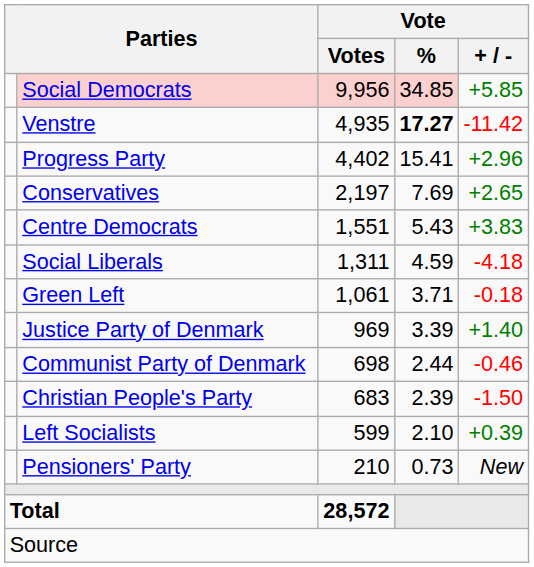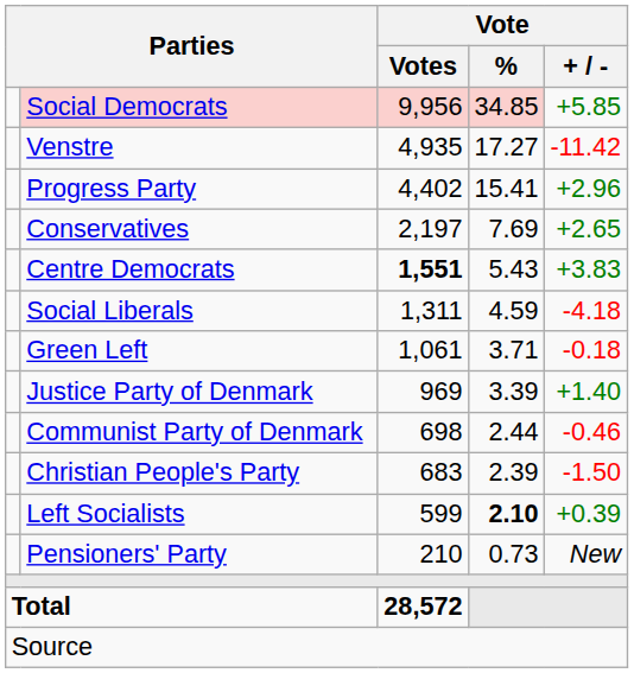 <table class="wikitable" style="text-align:right;">
 <tr>
 <th style="text-align:centre;" rowspan="2" colspan="2" width="225">Parties</th>
 <th colspan="3">Vote</th>
 </tr>
 <tr>
 <th width="15">Votes</th>
 <th width="15">%</th>
 <th width="15">+ / -</th>
 </tr>
 <tr>
 <td width="2" style="color:inherit;background:"></td>
 <td bgcolor=#fbd0ce  align="left"><a href='#'>Social Democrats</a></td>
 <td bgcolor=#fbd0ce>9,956</td>
 <td bgcolor=#fbd0ce>34.85</td>
 <td style=color:green;>+5.85</td>
 </tr>
 <tr>
 <td width="2" style="color:inherit;background:"></td>
 <td align="left"><a href='#'>Venstre</a></td>
 <td>4,935</td>
-<td><strong>17.27</strong></td>
+<td>17.27</td>
 <td style=color:red;>-11.42</td>
 </tr>
 <tr>
 <td width="2" style="color:inherit;background:"></td>
 <td align="left"><a href='#'>Progress Party</a></td>
 <td>4,402</td>
 <td>15.41</td>
 <td style=color:green;>+2.96</td>
 </tr>
 <tr>
 <td width="2" style="color:inherit;background:"></td>
 <td align="left"><a href='#'>Conservatives</a></td>
 <td>2,197</td>
 <td>7.69</td>
 <td style=color:green;>+2.65</td>
 </tr>
 <tr>
 <td width="2" style="color:inherit;background:"></td>
 <td align="left"><a href='#'>Centre Democrats</a></td>
-<td>1,551</td>
+<td><strong>1,551</strong></td>
 <td>5.43</td>
 <td style=color:green;>+3.83</td>
 </tr>
 <tr>
 <td width="2" style="color:inherit;background:"></td>
 <td align="left"><a href='#'>Social Liberals</a></td>
 <td>1,311</td>
 <td>4.59</td>
 <td style=color:red;>-4.18</td>
 </tr>
 <tr>
 <td width="2" style="color:inherit;background:"></td>
 <td align="left"><a href='#'>Green Left</a></td>
 <td>1,061</td>
 <td>3.71</td>
 <td style=color:red;>-0.18</td>
 </tr>
 <tr>
 <td width="2" style="color:inherit;background:"></td>
 <td align="left"><a href='#'>Justice Party of Denmark</a></td>
 <td>969</td>
 <td>3.39</td>
 <td style=color:green;>+1.40</td>
 </tr>
 <tr>
 <td width="2" style="color:inherit;background:"></td>
 <td align="left"><a href='#'>Communist Party of Denmark</a></td>
 <td>698</td>
 <td>2.44</td>
 <td style=color:red;>-0.46</td>
 </tr>
 <tr>
 <td width="2" style="color:inherit;background:"></td>
 <td align="left"><a href='#'>Christian People's Party</a></td>
 <td>683</td>
 <td>2.39</td>
 <td style=color:red;>-1.50</td>
 </tr>
 <tr>
 <td width="2" style="color:inherit;background:"></td>
 <td align="left"><a href='#'>Left Socialists</a></td>
 <td>599</td>
-<td>2.10</td>
+<td><strong>2.10</strong></td>
 <td style=color:green;>+0.39</td>
 </tr>
 <tr>
 <td width="2" style="color:inherit;background:"></td>
 <td align="left"><a href='#'>Pensioners' Party</a></td>
 <td>210</td>
 <td>0.73</td>
 <td><em>New</em></td>
 </tr>
 <tr>
 <td colspan="7" bgcolor="#E9E9E9"></td>
 </tr>
 <tr>
 <td align="left" colspan="2"><strong>Total</strong></td>
 <td><strong>28,572</strong></td>
 <td bgcolor="#E9E9E9" colspan="2"></td>
 </tr>
 <tr>
 <td align="left" colspan="6">Source</td>
 </tr>
 </table>
